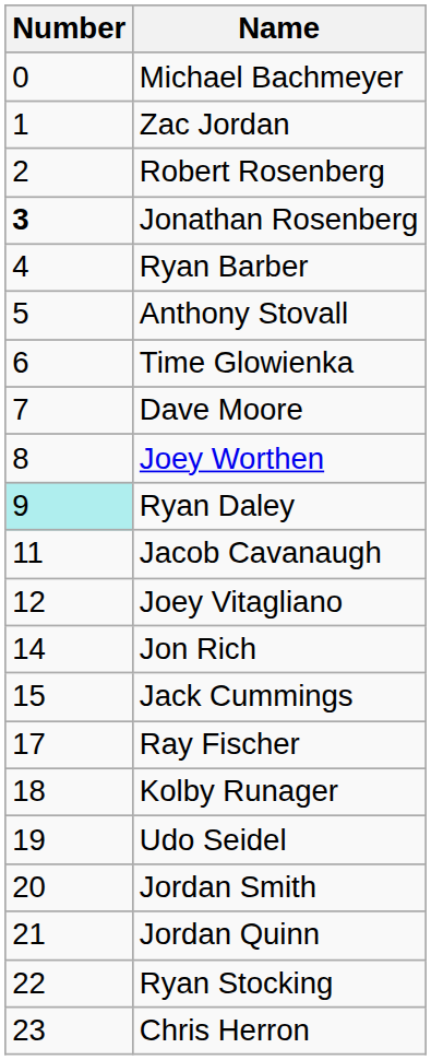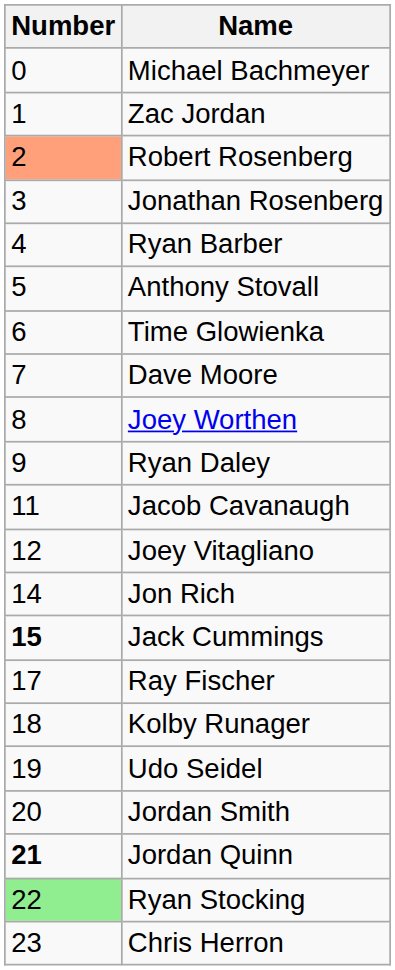 <table class="wikitable">
 <tr>
 <th>Number</th>
 <th>Name</th>
 </tr>
 <tr>
 <td>0</td>
 <td>Michael Bachmeyer</td>
 </tr>
 <tr>
 <td>1</td>
 <td>Zac Jordan</td>
 </tr>
 <tr>
-<td>2</td>
+<td style="background: lightsalmon;">2</td>
 <td>Robert Rosenberg</td>
 </tr>
 <tr>
-<td><strong>3</strong></td>
+<td>3</td>
 <td>Jonathan Rosenberg</td>
 </tr>
 <tr>
 <td>4</td>
 <td>Ryan Barber</td>
 </tr>
 <tr>
 <td>5</td>
 <td>Anthony Stovall</td>
 </tr>
 <tr>
 <td>6</td>
 <td>Time Glowienka</td>
 </tr>
 <tr>
 <td>7</td>
 <td>Dave Moore</td>
 </tr>
 <tr>
 <td>8</td>
 <td><a href='#'>Joey Worthen</a></td>
 </tr>
 <tr>
-<td style="background: paleturquoise;">9</td>
+<td>9</td>
 <td>Ryan Daley</td>
 </tr>
 <tr>
 <td>11</td>
 <td>Jacob Cavanaugh</td>
 </tr>
 <tr>
 <td>12</td>
 <td>Joey Vitagliano</td>
 </tr>
 <tr>
 <td>14</td>
 <td>Jon Rich</td>
 </tr>
 <tr>
-<td>15</td>
+<td><strong>15</strong></td>
 <td>Jack Cummings</td>
 </tr>
 <tr>
 <td>17</td>
 <td>Ray Fischer</td>
 </tr>
 <tr>
 <td>18</td>
 <td>Kolby Runager</td>
 </tr>
 <tr>
 <td>19</td>
 <td>Udo Seidel</td>
 </tr>
 <tr>
 <td>20</td>
 <td>Jordan Smith</td>
 </tr>
 <tr>
-<td>21</td>
+<td><strong>21</strong></td>
 <td>Jordan Quinn</td>
 </tr>
 <tr>
-<td>22</td>
+<td style="background: lightgreen;">22</td>
 <td>Ryan Stocking</td>
 </tr>
 <tr>
 <td>23</td>
 <td>Chris Herron</td>
 </tr>
 </table>
